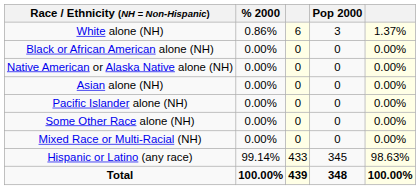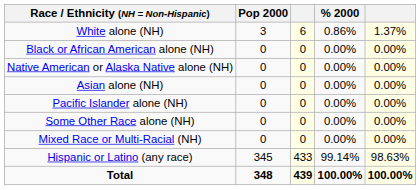 <table class="wikitable" style="text-align:center;">
 <tr>
 <th>Race / Ethnicity <small>(<em>NH = Non-Hispanic</em>)</small></th>
+<th>Pop 2000</th>
+<th></th>
 <th>% 2000</th>
-<th></th>
-<th>Pop 2000</th>
 <th></th>
 </tr>
 <tr>
 <td><a href='#'>White</a> alone (NH)</td>
+<td>3</td>
+<td style='background: #ffffe6;'>6</td>
 <td>0.86%</td>
-<td style='background: #ffffe6;'>6</td>
-<td>3</td>
 <td style='background: #ffffe6;'>1.37%</td>
 </tr>
 <tr>
 <td><a href='#'>Black or African American</a> alone (NH)</td>
+<td>0</td>
+<td style='background: #ffffe6;'>0</td>
 <td>0.00%</td>
-<td style='background: #ffffe6;'>0</td>
-<td>0</td>
 <td style='background: #ffffe6;'>0.00%</td>
 </tr>
 <tr>
 <td><a href='#'>Native American</a> or <a href='#'>Alaska Native</a> alone (NH)</td>
+<td>0</td>
+<td style='background: #ffffe6;'>0</td>
 <td>0.00%</td>
-<td style='background: #ffffe6;'>0</td>
-<td>0</td>
 <td style='background: #ffffe6;'>0.00%</td>
 </tr>
 <tr>
 <td><a href='#'>Asian</a> alone (NH)</td>
+<td>0</td>
+<td style='background: #ffffe6;'>0</td>
 <td>0.00%</td>
-<td style='background: #ffffe6;'>0</td>
-<td>0</td>
 <td style='background: #ffffe6;'>0.00%</td>
 </tr>
 <tr>
 <td><a href='#'>Pacific Islander</a> alone (NH)</td>
+<td>0</td>
+<td style='background: #ffffe6;'>0</td>
 <td>0.00%</td>
-<td style='background: #ffffe6;'>0</td>
-<td>0</td>
 <td style='background: #ffffe6;'>0.00%</td>
 </tr>
 <tr>
 <td><a href='#'>Some Other Race</a> alone (NH)</td>
+<td>0</td>
+<td style='background: #ffffe6;'>0</td>
 <td>0.00%</td>
-<td style='background: #ffffe6;'>0</td>
-<td>0</td>
 <td style='background: #ffffe6;'>0.00%</td>
 </tr>
 <tr>
 <td><a href='#'>Mixed Race or Multi-Racial</a> (NH)</td>
+<td>0</td>
+<td style='background: #ffffe6;'>0</td>
 <td>0.00%</td>
-<td style='background: #ffffe6;'>0</td>
-<td>0</td>
 <td style='background: #ffffe6;'>0.00%</td>
 </tr>
 <tr>
 <td><a href='#'>Hispanic or Latino</a> (any race)</td>
+<td>345</td>
+<td style='background: #ffffe6;'>433</td>
 <td>99.14%</td>
-<td style='background: #ffffe6;'>433</td>
-<td>345</td>
 <td style='background: #ffffe6;'>98.63%</td>
 </tr>
 <tr>
 <td><strong>Total</strong></td>
+<td><strong>348</strong></td>
+<td style='background: #ffffe6;'><strong>439</strong></td>
 <td><strong>100.00%</strong></td>
-<td style='background: #ffffe6;'><strong>439</strong></td>
-<td><strong>348</strong></td>
 <td style='background: #ffffe6;'><strong>100.00%</strong></td>
 </tr>
 </table>
